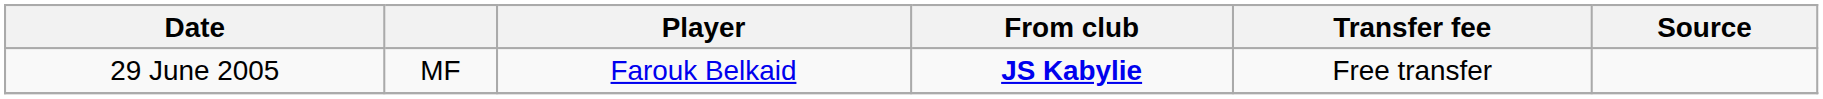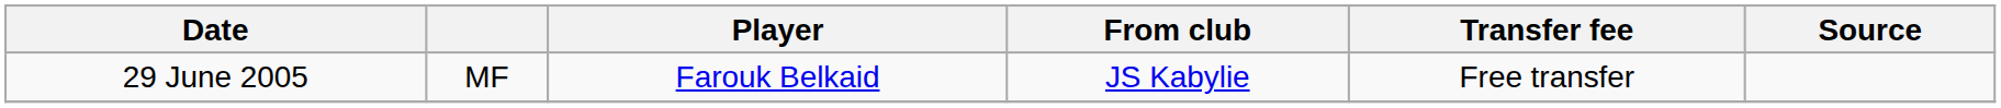 <table class="wikitable sortable" style="width:70%; text-align:center; font-size:85%; text-align:centre;">
 <tr>
 <th>Date</th>
 <th></th>
 <th>Player</th>
 <th>From club</th>
 <th>Transfer fee</th>
 <th>Source</th>
 </tr>
 <tr>
 <td>29 June 2005</td>
 <td>MF</td>
 <td> <a href='#'>Farouk Belkaid</a></td>
-<td><strong><a href='#'>JS Kabylie</a></strong></td>
+<td><a href='#'>JS Kabylie</a></td>
 <td>Free transfer</td>
 <td></td>
 </tr>
 <tr>
 </tr>
 </table>
